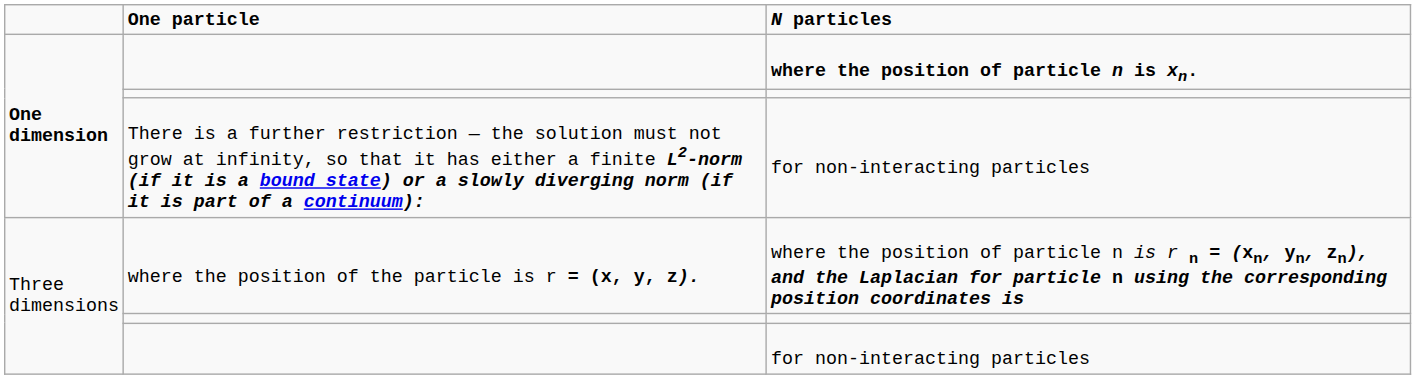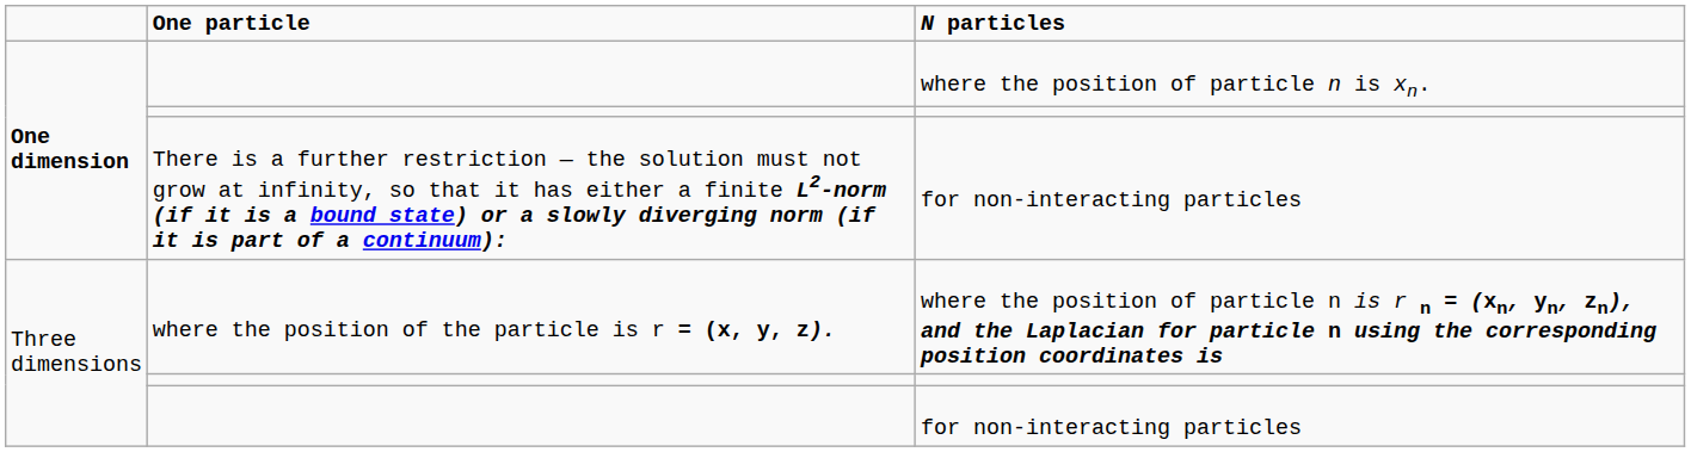 <table class="wikitable">
 <tr>
 <td scope="col" style="width:10px;"></td>
 <td scope="col" style="width:450px;"><strong>One particle</strong></td>
 <td scope="col" style="width:450px;"><strong> <em>N</em> particles</strong></td>
 </tr>
 <tr>
 <td rowspan="3"><strong>One dimension</strong></td>
 <td></td>
-<td><strong><br>where the position of particle <em>n</em> is <em>x<sub>n</sub></em>.</strong></td>
+<td><br>where the position of particle <em>n</em> is <em>x<sub>n</sub></em>.</td>
 </tr>
 <tr>
 <td></td>
 <td></td>
 </tr>
 <tr>
 <td><br>There is a further restriction — the solution must not grow at infinity, so that it has either a finite <strong><em>L<em><sup>2</sup>-norm<strong> (if it is a <a href='#'>bound state</a>) or a slowly diverging norm (if it is part of a <a href='#'>continuum</a>):</td>
 <td><br>for non-interacting particles<br></td>
 </tr>
 <tr>
 <td rowspan="3"></strong>Three dimensions<strong></td>
 <td><br>where the position of the particle is </strong>r<strong> = (</em>x, y, z<em>).</td>
 <td><br>where the position of particle </em>n<em> is </strong>r<strong> </em><sub>n</sub><em> = (</em>x<sub>n</sub><em>, </em>y<sub>n</sub><em>, </em>z<sub>n</sub><em>), and the Laplacian for particle </em>n<em> using the corresponding position coordinates is<br></td>
 </tr>
 <tr>
 <td></td>
 <td></td>
 </tr>
 <tr>
 <td></td>
 <td><br>for non-interacting particles<br></td>
 </tr>
 </table>
